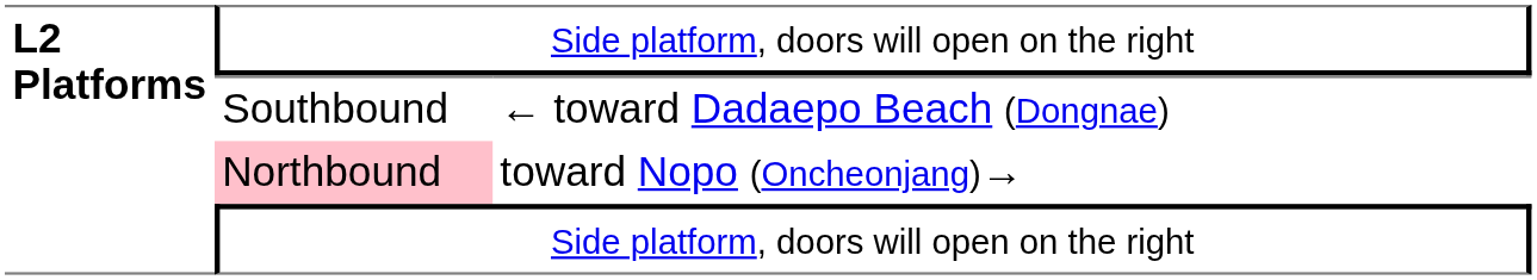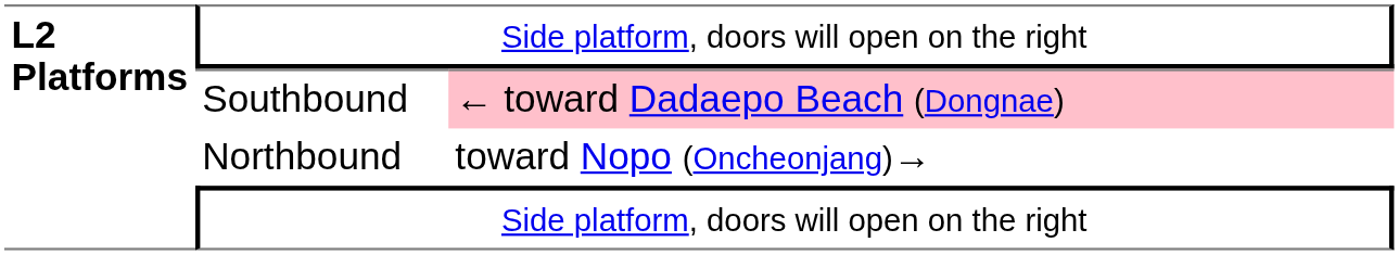 <table table border=0 cellspacing=0 cellpadding=3>
 <tr>
 <td style="border-top:solid 1px gray;border-bottom:solid 1px gray;" width=50 rowspan=10 valign=top><strong>L2<br>Platforms</strong></td>
 <td style="border-top:solid 1px gray;border-right:solid 2px black;border-left:solid 2px black;border-bottom:solid 2px black;text-align:center;" colspan=2><small><a href='#'>Side platform</a>, doors will open on the right</small></td>
 </tr>
 <tr>
 <td style="border-bottom:solid 0px gray;border-top:solid 1px gray;" width=100>Southbound</td>
-<td style="border-bottom:solid 0px gray;border-top:solid 1px gray;" width=390>←  toward <a href='#'>Dadaepo Beach</a> <small>(<a href='#'>Dongnae</a>)</small></td>
+<td style="background: pink; border-bottom:solid 0px gray;border-top:solid 1px gray;" width=390>←  toward <a href='#'>Dadaepo Beach</a> <small>(<a href='#'>Dongnae</a>)</small></td>
 </tr>
 <tr>
-<td style="background: pink;">Northbound</td>
+<td>Northbound</td>
 <td>  toward <a href='#'>Nopo</a> <small>(<a href='#'>Oncheonjang</a>)</small>→</td>
 </tr>
 <tr>
 <td style="border-top:solid 2px black;border-right:solid 2px black;border-left:solid 2px black;border-bottom:solid 1px gray;text-align:center;" colspan=2><small><a href='#'>Side platform</a>, doors will open on the right</small></td>
 </tr>
 </table>
